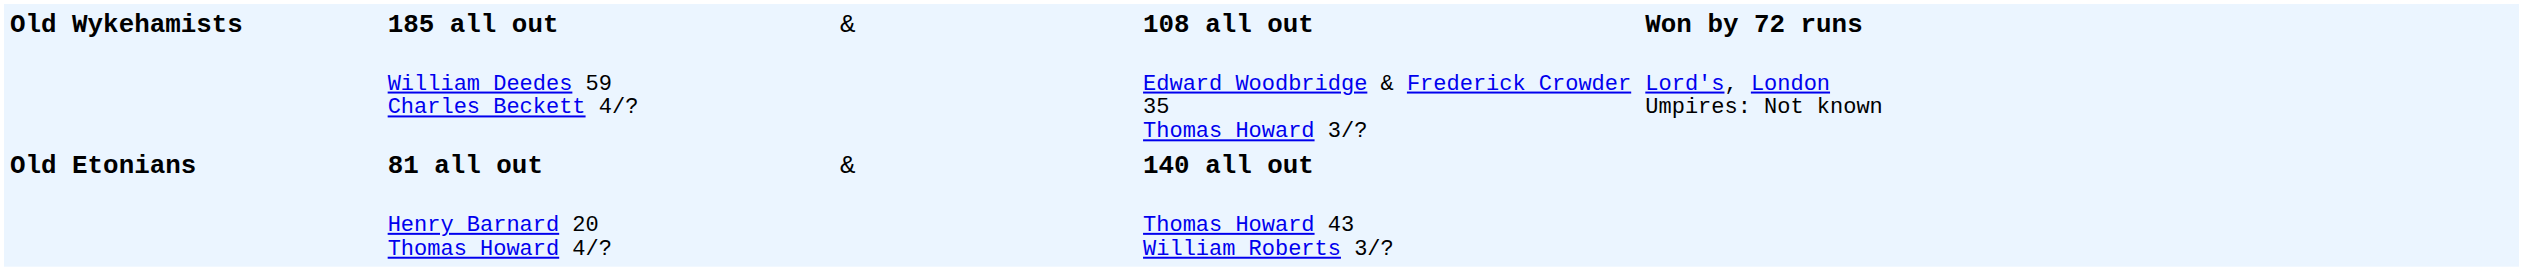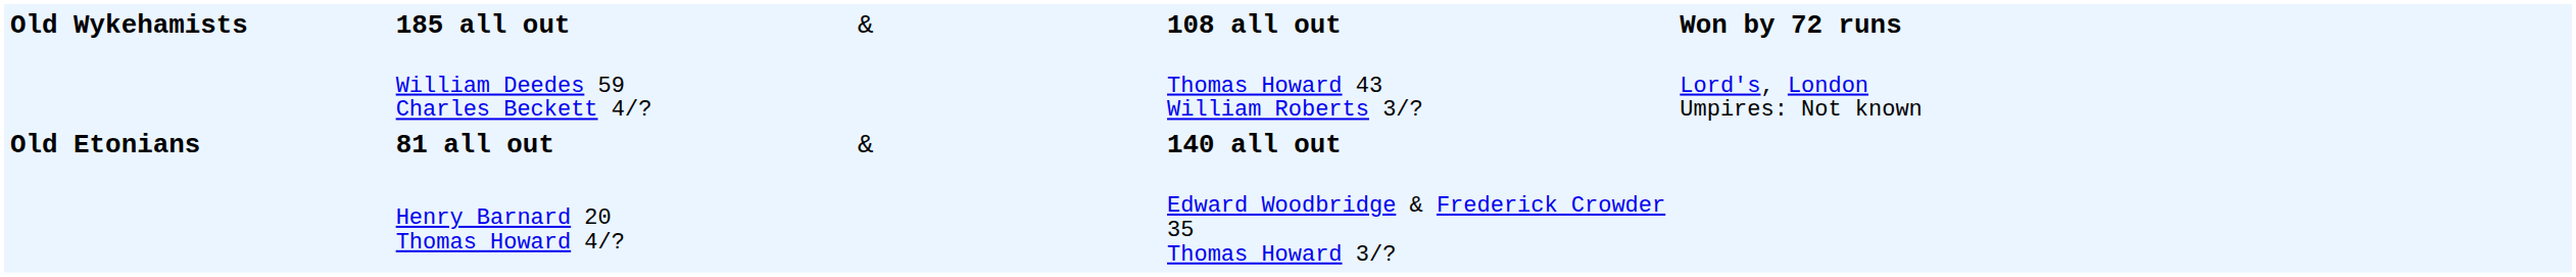 <table width="100%" style="background: #EBF5FF">
 <tr>
 <td width="15%" valign="top" rowspan="2"><strong>Old Wykehamists</strong></td>
 <td width="18%"><strong>185 all out</strong></td>
 <td width="12%">&</td>
 <td width="20%"><strong>108 all out</strong></td>
 <td width="35%"><strong>Won by 72 runs</strong></td>
 </tr>
 <tr>
 <td style="font-size: 85%;" valign="top"><br><a href='#'>William Deedes</a> 59<br> <a href='#'>Charles Beckett</a> 4/?</td>
 <td></td>
-<td style="font-size: 85%;"><br><a href='#'>Edward Woodbridge</a> & <a href='#'>Frederick Crowder</a> 35<br> <a href='#'>Thomas Howard</a> 3/?</td>
+<td style="font-size: 85%;"><br><a href='#'>Thomas Howard</a> 43<br> <a href='#'>William Roberts</a> 3/?</td>
 <td valign="top" style="font-size: 85%;" rowspan="3"><br><a href='#'>Lord's</a>, <a href='#'>London</a><br> Umpires: Not known</td>
 </tr>
 <tr>
 <td valign="top" rowspan="2"><strong>Old Etonians</strong></td>
 <td><strong>81 all out</strong></td>
 <td>&</td>
 <td><strong>140 all out</strong></td>
 </tr>
 <tr>
 <td style="font-size: 85%;"><br><a href='#'>Henry Barnard</a> 20<br> <a href='#'>Thomas Howard</a> 4/?</td>
 <td></td>
-<td style="font-size: 85%;"><br><a href='#'>Thomas Howard</a> 43<br> <a href='#'>William Roberts</a> 3/?</td>
+<td style="font-size: 85%;"><br><a href='#'>Edward Woodbridge</a> & <a href='#'>Frederick Crowder</a> 35<br> <a href='#'>Thomas Howard</a> 3/?</td>
 </tr>
 </table>
